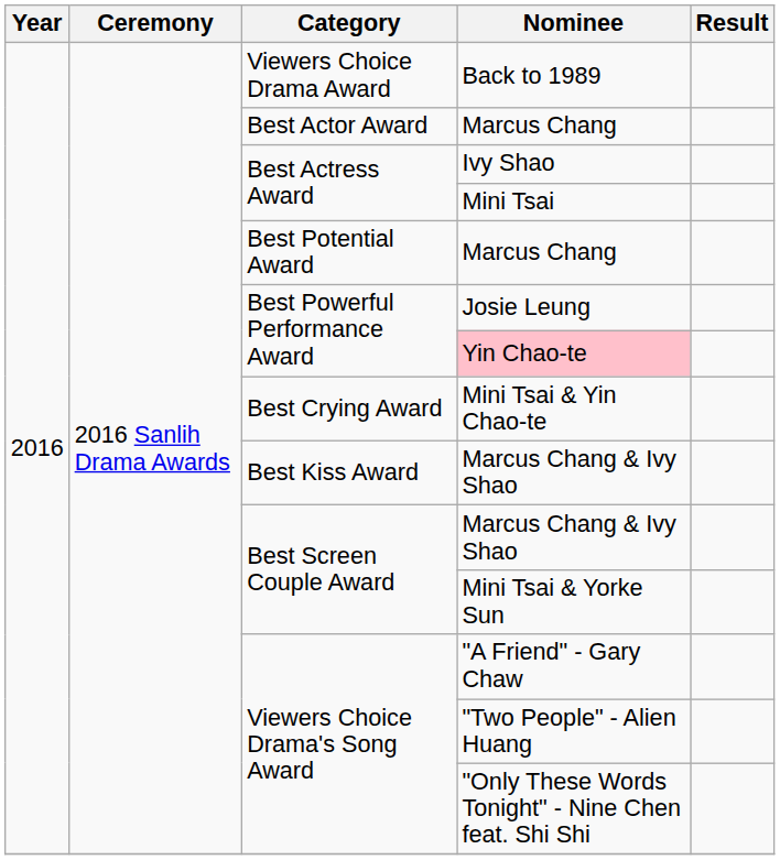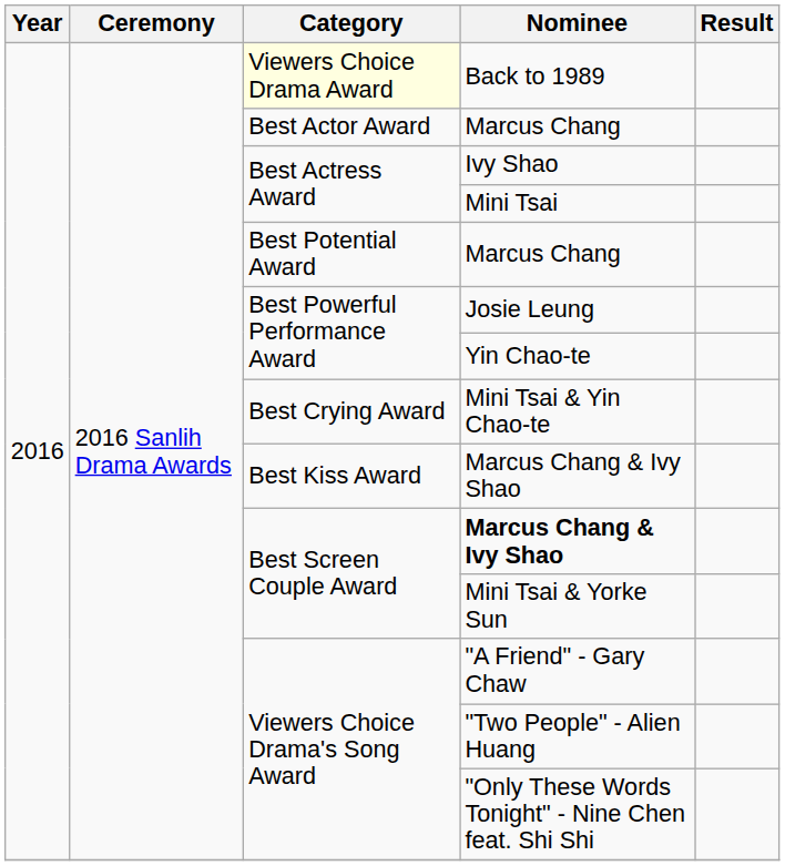 <table class="wikitable" width="83%">
 <tr>
 <th>Year</th>
 <th>Ceremony</th>
 <th>Category</th>
 <th>Nominee</th>
 <th>Result</th>
 </tr>
 <tr>
 <td rowspan=14>2016</td>
 <td rowspan=14>2016 <a href='#'>Sanlih Drama Awards</a></td>
-<td>Viewers Choice Drama Award</td>
+<td style="background: lightyellow;">Viewers Choice Drama Award</td>
 <td>Back to 1989</td>
 <td></td>
 </tr>
 <tr>
 <td>Best Actor Award</td>
 <td>Marcus Chang</td>
 <td></td>
 </tr>
 <tr>
 <td rowspan=2>Best Actress Award</td>
 <td>Ivy Shao</td>
 <td></td>
 </tr>
 <tr>
 <td>Mini Tsai</td>
 <td></td>
 </tr>
 <tr>
 <td>Best Potential Award</td>
 <td>Marcus Chang</td>
 <td></td>
 </tr>
 <tr>
 <td rowspan=2>Best Powerful Performance Award</td>
 <td>Josie Leung</td>
 <td></td>
 </tr>
 <tr>
-<td style="background: pink;">Yin Chao-te</td>
+<td>Yin Chao-te</td>
 <td></td>
 </tr>
 <tr>
 <td>Best Crying Award</td>
 <td>Mini Tsai & Yin Chao-te</td>
 <td></td>
 </tr>
 <tr>
 <td>Best Kiss Award</td>
 <td>Marcus Chang & Ivy Shao</td>
 <td></td>
 </tr>
 <tr>
 <td rowspan=2>Best Screen Couple Award</td>
-<td>Marcus Chang & Ivy Shao</td>
+<td><strong>Marcus Chang & Ivy Shao</strong></td>
 <td></td>
 </tr>
 <tr>
 <td>Mini Tsai & Yorke Sun</td>
 <td></td>
 </tr>
 <tr>
 <td rowspan=3>Viewers Choice Drama's Song Award</td>
 <td>"A Friend" - Gary Chaw</td>
 <td></td>
 </tr>
 <tr>
 <td>"Two People" - Alien Huang</td>
 <td></td>
 </tr>
 <tr>
 <td>"Only These Words Tonight" - Nine Chen feat. Shi Shi</td>
 <td></td>
 </tr>
 <tr>
 </tr>
 </table>
